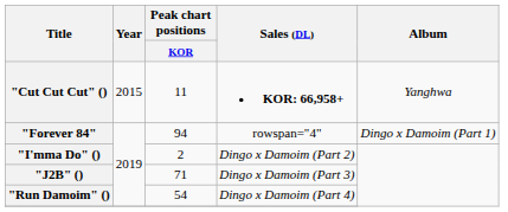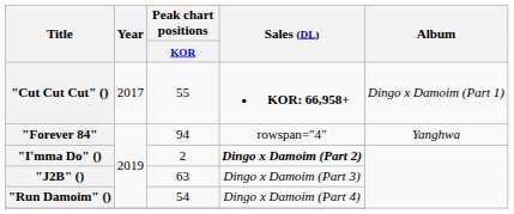 <table class="wikitable plainrowheaders" style="text-align:center;">
 <tr>
 <th rowspan="2" scope="col">Title</th>
 <th rowspan="2" scope="col">Year</th>
 <th colspan="1" scope="col" style="width:5em;">Peak chart positions</th>
 <th rowspan="2" scope="col">Sales <small>(<a href='#'>DL</a>)</small></th>
 <th rowspan="2" scope="col">Album</th>
 </tr>
 <tr>
 <th><small><a href='#'>KOR</a></small><br></th>
 </tr>
 <tr>
 <th scope="row">"Cut Cut Cut" ()<br></th>
-<td>2015</td>
-<td>11</td>
+<td>2017</td>
+<td>55</td>
 <td><strong><br><ul><li>KOR: 66,958+</li></ul></strong></td>
-<td><em>Yanghwa</em></td>
+<td><em>Dingo x Damoim (Part 1)</em></td>
 </tr>
 <tr>
 <th scope="row">"Forever 84"<br></th>
 <td rowspan="4">2019</td>
 <td>94</td>
 <td>rowspan="4" </td>
-<td><em>Dingo x Damoim (Part 1)</em></td>
+<td><em>Yanghwa</em></td>
 </tr>
 <tr>
 <th scope="row">"I'mma Do" ()<br></th>
 <td>2</td>
-<td><em>Dingo x Damoim (Part 2)</em></td>
+<td><strong><em>Dingo x Damoim (Part 2)</em></strong></td>
 </tr>
 <tr>
 <th scope="row">"J2B" ()<br></th>
-<td>71</td>
+<td>63</td>
 <td><em>Dingo x Damoim (Part 3)</em></td>
 </tr>
 <tr>
 <th scope="row">"Run Damoim" ()<br></th>
 <td>54</td>
 <td><em>Dingo x Damoim (Part 4)</em></td>
 </tr>
 <tr>
 </tr>
 </table>
